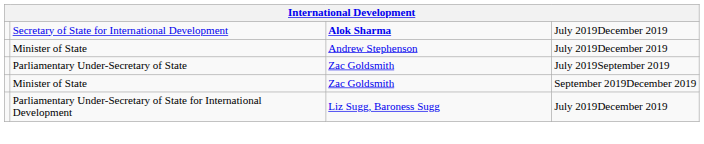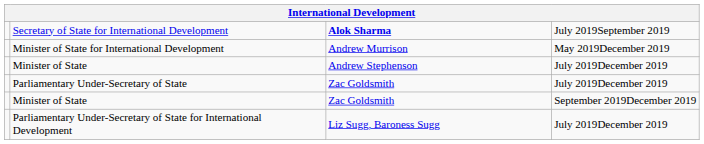 <table class="wikitable">
 <tr>
 <th colspan="4"><a href='#'>International Development</a></th>
 </tr>
 <tr>
 <td style="width: 1px; background: "></td>
 <td style="width: 450px;"><a href='#'>Secretary of State for International Development</a></td>
 <td style="width: 320px;"><strong><a href='#'>Alok Sharma</a></strong></td>
-<td>July 2019December 2019</td>
+<td>July 2019September 2019</td>
+</tr>
+<tr>
+<td style="width: 1px; background: "></td>
+<td style="width: 450px;">Minister of State for International Development</td>
+<td style="width: 320px;"><a href='#'>Andrew Murrison</a><br></td>
+<td>May 2019December 2019</td>
 </tr>
 <tr>
 <td style="width: 1px; background: "></td>
 <td style="width: 450px;">Minister of State</td>
 <td style="width: 320px;"><a href='#'>Andrew Stephenson</a><br></td>
 <td>July 2019December 2019</td>
 </tr>
 <tr>
 <td style="width: 1px; background: "></td>
 <td>Parliamentary Under-Secretary of State</td>
 <td><a href='#'>Zac Goldsmith</a><br></td>
-<td>July 2019September 2019</td>
+<td>July 2019December 2019</td>
 </tr>
 <tr>
 <td style="width: 1px; background: "></td>
 <td>Minister of State</td>
 <td><a href='#'>Zac Goldsmith</a><br></td>
 <td>September 2019December 2019</td>
 </tr>
 <tr>
 <td style="width: 1px; background:"></td>
 <td>Parliamentary Under-Secretary of State for International Development</td>
 <td><a href='#'>Liz Sugg, Baroness Sugg</a></td>
 <td>July 2019December 2019</td>
 </tr>
 </table>
